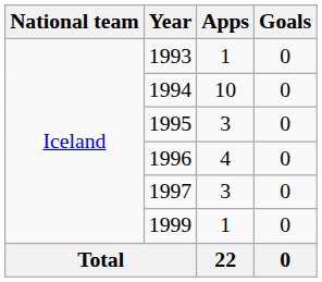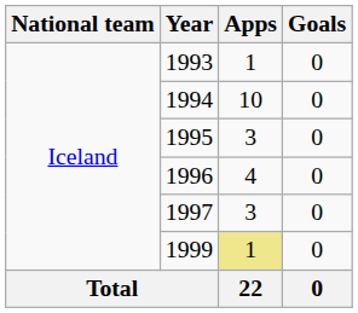 <table class=wikitable style="text-align: center">
 <tr>
 <th>National team</th>
 <th>Year</th>
 <th>Apps</th>
 <th>Goals</th>
 </tr>
 <tr>
 <td rowspan=6><a href='#'>Iceland</a></td>
 <td>1993</td>
 <td>1</td>
 <td>0</td>
 </tr>
 <tr>
 <td>1994</td>
 <td>10</td>
 <td>0</td>
 </tr>
 <tr>
 <td>1995</td>
 <td>3</td>
 <td>0</td>
 </tr>
 <tr>
 <td>1996</td>
 <td>4</td>
 <td>0</td>
 </tr>
 <tr>
 <td>1997</td>
 <td>3</td>
 <td>0</td>
 </tr>
 <tr>
 <td>1999</td>
-<td>1</td>
+<td style="background: khaki;">1</td>
 <td>0</td>
 </tr>
 <tr>
 <th colspan=2>Total</th>
 <th>22</th>
 <th>0</th>
 </tr>
 </table>
